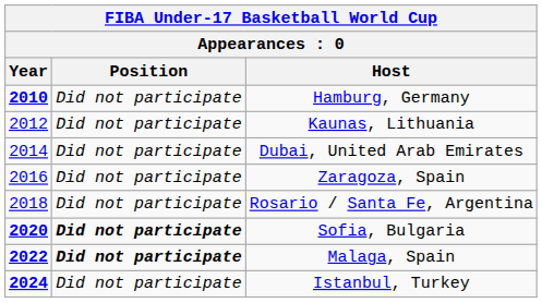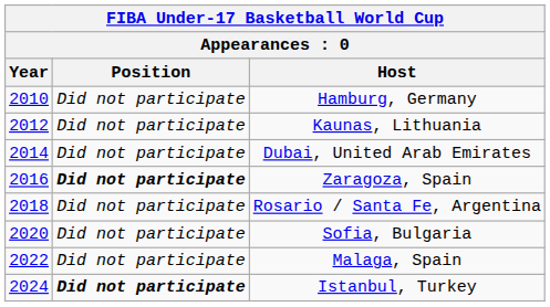 <table class="wikitable" style="text-align: center;font-size:100%;">
 <tr>
 <th colspan=20><a href='#'>FIBA Under-17 Basketball World Cup</a></th>
 </tr>
 <tr>
 <th colspan=20>Appearances : 0</th>
 </tr>
 <tr>
 <th>Year</th>
 <th>Position</th>
 <th>Host</th>
 </tr>
 <tr valign="top" bgcolor=>
-<td><strong> <a href='#'>2010</a></strong></td>
+<td> <a href='#'>2010</a></td>
 <td><em>Did not participate</em></td>
 <td><a href='#'>Hamburg</a>, Germany</td>
 </tr>
 <tr valign="top" bgcolor=>
 <td> <a href='#'>2012</a></td>
 <td><em>Did not participate</em></td>
 <td><a href='#'>Kaunas</a>, Lithuania</td>
 </tr>
 <tr valign="top" bgcolor=>
 <td> <a href='#'>2014</a></td>
 <td><em>Did not participate</em></td>
 <td><a href='#'>Dubai</a>, United Arab Emirates</td>
 </tr>
 <tr valign="top" bgcolor=>
 <td> <a href='#'>2016</a></td>
-<td><em>Did not participate</em></td>
+<td><strong><em>Did not participate</em></strong></td>
 <td><a href='#'>Zaragoza</a>, Spain</td>
 </tr>
 <tr valign="top" bgcolor=>
 <td> <a href='#'>2018</a></td>
 <td><em>Did not participate</em></td>
 <td><a href='#'>Rosario</a> / <a href='#'>Santa Fe</a>, Argentina</td>
 </tr>
 <tr valign="top" bgcolor=>
-<td><strong> <a href='#'>2020</a></strong></td>
-<td><strong><em>Did not participate</em></strong></td>
+<td> <a href='#'>2020</a></td>
+<td><em>Did not participate</em></td>
 <td><a href='#'>Sofia</a>, Bulgaria</td>
 </tr>
 <tr valign="top" bgcolor=>
-<td><strong> <a href='#'>2022</a></strong></td>
-<td><strong><em>Did not participate</em></strong></td>
+<td> <a href='#'>2022</a></td>
+<td><em>Did not participate</em></td>
 <td><a href='#'>Malaga</a>, Spain</td>
 </tr>
 <tr valign="top" bgcolor=>
-<td><strong> <a href='#'>2024</a></strong></td>
-<td><em>Did not participate</em></td>
+<td> <a href='#'>2024</a></td>
+<td><strong><em>Did not participate</em></strong></td>
 <td><a href='#'>Istanbul</a>, Turkey</td>
 </tr>
 </table>
